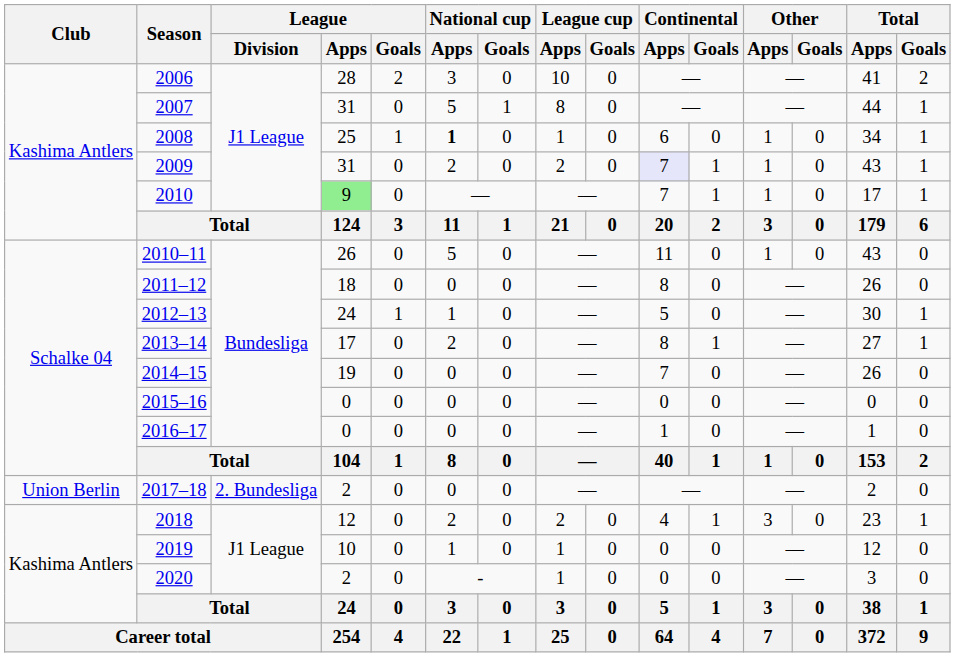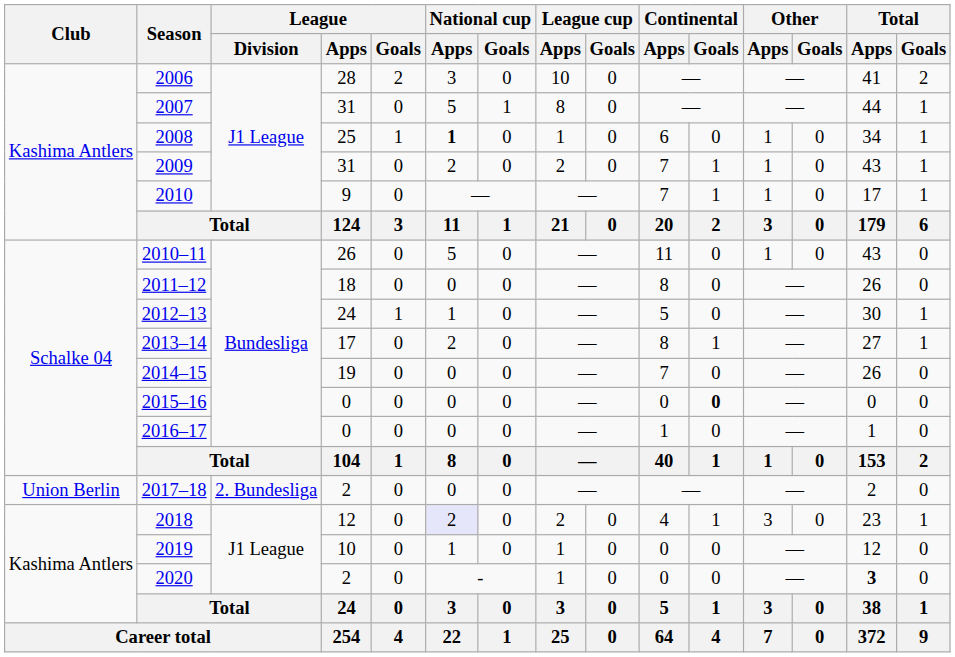 <table class="wikitable" style="text-align:center">
 <tr>
 <th rowspan="2">Club</th>
 <th rowspan="2">Season</th>
 <th colspan="3">League</th>
 <th colspan="2">National cup</th>
 <th colspan="2">League cup</th>
 <th colspan="2">Continental</th>
 <th colspan="2">Other</th>
 <th colspan="2">Total</th>
 </tr>
 <tr>
 <th>Division</th>
 <th>Apps</th>
 <th>Goals</th>
 <th>Apps</th>
 <th>Goals</th>
 <th>Apps</th>
 <th>Goals</th>
 <th>Apps</th>
 <th>Goals</th>
 <th>Apps</th>
 <th>Goals</th>
 <th>Apps</th>
 <th>Goals</th>
 </tr>
 <tr>
 <td rowspan="6"><a href='#'>Kashima Antlers</a></td>
 <td><a href='#'>2006</a></td>
 <td rowspan="5"><a href='#'>J1 League</a></td>
 <td>28</td>
 <td>2</td>
 <td>3</td>
 <td>0</td>
 <td>10</td>
 <td>0</td>
 <td colspan="2">—</td>
 <td colspan="2">—</td>
 <td>41</td>
 <td>2</td>
 </tr>
 <tr>
 <td><a href='#'>2007</a></td>
 <td>31</td>
 <td>0</td>
 <td>5</td>
 <td>1</td>
 <td>8</td>
 <td>0</td>
 <td colspan="2">—</td>
 <td colspan="2">—</td>
 <td>44</td>
 <td>1</td>
 </tr>
 <tr>
 <td><a href='#'>2008</a></td>
 <td>25</td>
 <td>1</td>
 <td><strong>1</strong></td>
 <td>0</td>
 <td>1</td>
 <td>0</td>
 <td>6</td>
 <td>0</td>
 <td>1</td>
 <td>0</td>
 <td>34</td>
 <td>1</td>
 </tr>
 <tr>
 <td><a href='#'>2009</a></td>
 <td>31</td>
 <td>0</td>
 <td>2</td>
 <td>0</td>
 <td>2</td>
 <td>0</td>
-<td style="background: lavender;">7</td>
+<td>7</td>
 <td>1</td>
 <td>1</td>
 <td>0</td>
 <td>43</td>
 <td>1</td>
 </tr>
 <tr>
 <td><a href='#'>2010</a></td>
-<td style="background: lightgreen;">9</td>
+<td>9</td>
 <td>0</td>
 <td colspan="2">—</td>
 <td colspan="2">—</td>
 <td>7</td>
 <td>1</td>
 <td>1</td>
 <td>0</td>
 <td>17</td>
 <td>1</td>
 </tr>
 <tr>
 <th colspan="2">Total</th>
 <th>124</th>
 <th>3</th>
 <th>11</th>
 <th>1</th>
 <th>21</th>
 <th>0</th>
 <th>20</th>
 <th>2</th>
 <th>3</th>
 <th>0</th>
 <th>179</th>
 <th>6</th>
 </tr>
 <tr>
 <td rowspan="8"><a href='#'>Schalke 04</a></td>
 <td><a href='#'>2010–11</a></td>
 <td rowspan="7"><a href='#'>Bundesliga</a></td>
 <td>26</td>
 <td>0</td>
 <td>5</td>
 <td>0</td>
 <td colspan="2">—</td>
 <td>11</td>
 <td>0</td>
 <td>1</td>
 <td>0</td>
 <td>43</td>
 <td>0</td>
 </tr>
 <tr>
 <td><a href='#'>2011–12</a></td>
 <td>18</td>
 <td>0</td>
 <td>0</td>
 <td>0</td>
 <td colspan="2">—</td>
 <td>8</td>
 <td>0</td>
 <td colspan="2">—</td>
 <td>26</td>
 <td>0</td>
 </tr>
 <tr>
 <td><a href='#'>2012–13</a></td>
 <td>24</td>
 <td>1</td>
 <td>1</td>
 <td>0</td>
 <td colspan="2">—</td>
 <td>5</td>
 <td>0</td>
 <td colspan="2">—</td>
 <td>30</td>
 <td>1</td>
 </tr>
 <tr>
 <td><a href='#'>2013–14</a></td>
 <td>17</td>
 <td>0</td>
 <td>2</td>
 <td>0</td>
 <td colspan="2">—</td>
 <td>8</td>
 <td>1</td>
 <td colspan="2">—</td>
 <td>27</td>
 <td>1</td>
 </tr>
 <tr>
 <td><a href='#'>2014–15</a></td>
 <td>19</td>
 <td>0</td>
 <td>0</td>
 <td>0</td>
 <td colspan="2">—</td>
 <td>7</td>
 <td>0</td>
 <td colspan="2">—</td>
 <td>26</td>
 <td>0</td>
 </tr>
 <tr>
 <td><a href='#'>2015–16</a></td>
 <td>0</td>
 <td>0</td>
 <td>0</td>
 <td>0</td>
 <td colspan="2">—</td>
 <td>0</td>
-<td>0</td>
+<td><strong>0</strong></td>
 <td colspan="2">—</td>
 <td>0</td>
 <td>0</td>
 </tr>
 <tr>
 <td><a href='#'>2016–17</a></td>
 <td>0</td>
 <td>0</td>
 <td>0</td>
 <td>0</td>
 <td colspan="2">—</td>
 <td>1</td>
 <td>0</td>
 <td colspan="2">—</td>
 <td>1</td>
 <td>0</td>
 </tr>
 <tr>
 <th colspan="2">Total</th>
 <th>104</th>
 <th>1</th>
 <th>8</th>
 <th>0</th>
 <th colspan="2">—</th>
 <th>40</th>
 <th>1</th>
 <th>1</th>
 <th>0</th>
 <th>153</th>
 <th>2</th>
 </tr>
 <tr>
 <td><a href='#'>Union Berlin</a></td>
 <td><a href='#'>2017–18</a></td>
 <td><a href='#'>2. Bundesliga</a></td>
 <td>2</td>
 <td>0</td>
 <td>0</td>
 <td>0</td>
 <td colspan="2">—</td>
 <td colspan="2">—</td>
 <td colspan="2">—</td>
 <td>2</td>
 <td>0</td>
 </tr>
 <tr>
 <td rowspan="4">Kashima Antlers</td>
 <td><a href='#'>2018</a></td>
 <td rowspan="3">J1 League</td>
 <td>12</td>
 <td>0</td>
-<td>2</td>
+<td style="background: lavender;">2</td>
 <td>0</td>
 <td>2</td>
 <td>0</td>
 <td>4</td>
 <td>1</td>
 <td>3</td>
 <td>0</td>
 <td>23</td>
 <td>1</td>
 </tr>
 <tr>
 <td><a href='#'>2019</a></td>
 <td>10</td>
 <td>0</td>
 <td>1</td>
 <td>0</td>
 <td>1</td>
 <td>0</td>
 <td>0</td>
 <td>0</td>
 <td colspan="2">—</td>
 <td>12</td>
 <td>0</td>
 </tr>
 <tr>
 <td><a href='#'>2020</a></td>
 <td>2</td>
 <td>0</td>
 <td colspan="2">-</td>
 <td>1</td>
 <td>0</td>
 <td>0</td>
 <td>0</td>
 <td colspan="2">—</td>
-<td>3</td>
+<td><strong>3</strong></td>
 <td>0</td>
 </tr>
 <tr>
 <th colspan="2">Total</th>
 <th>24</th>
 <th>0</th>
 <th>3</th>
 <th>0</th>
 <th>3</th>
 <th>0</th>
 <th>5</th>
 <th>1</th>
 <th>3</th>
 <th>0</th>
 <th>38</th>
 <th>1</th>
 </tr>
 <tr>
 <th colspan="3">Career total</th>
 <th>254</th>
 <th>4</th>
 <th>22</th>
 <th>1</th>
 <th>25</th>
 <th>0</th>
 <th>64</th>
 <th>4</th>
 <th>7</th>
 <th>0</th>
 <th>372</th>
 <th>9</th>
 </tr>
 </table>
